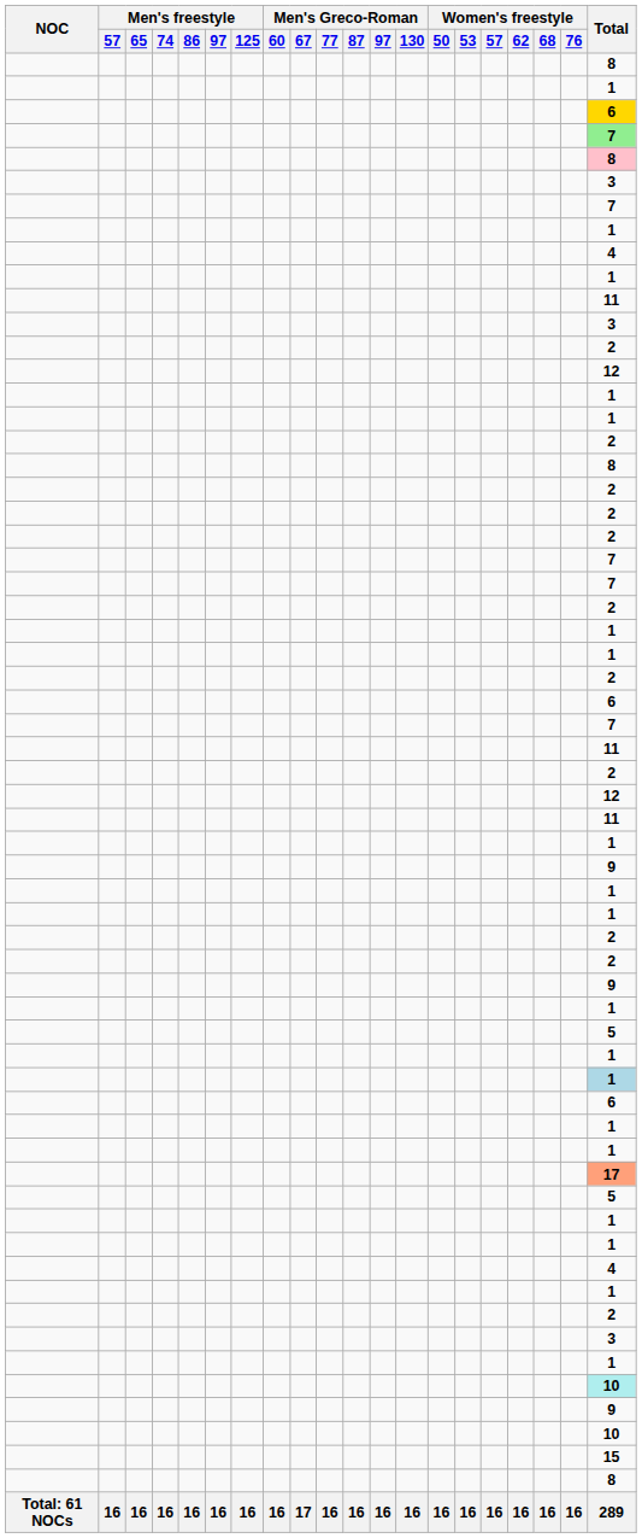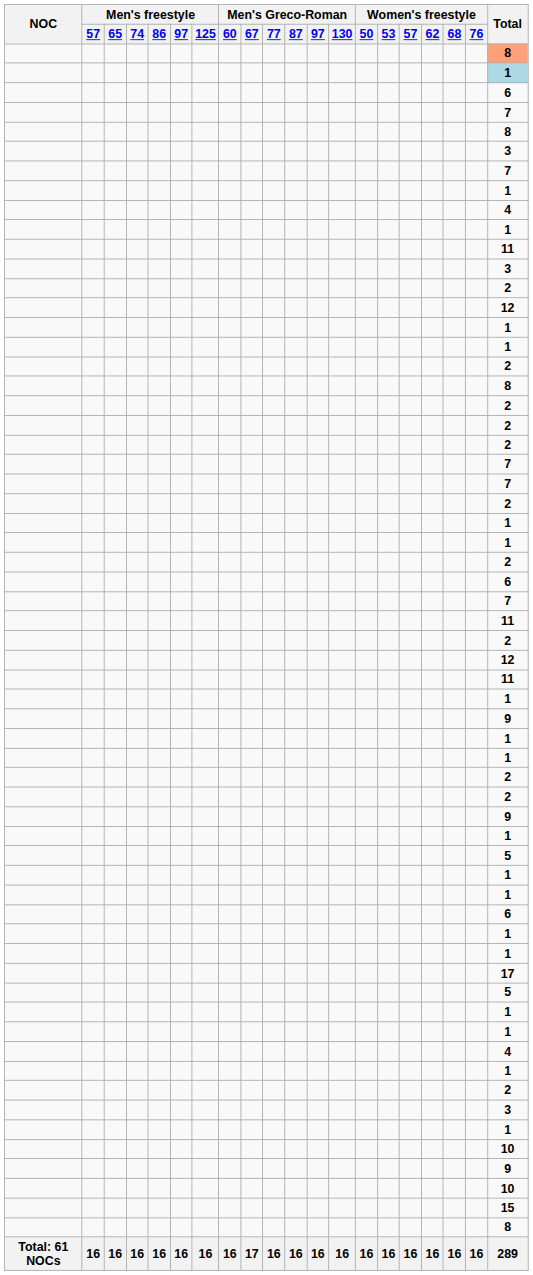 <table class="wikitable" style="text-align:center; font-size:90%">
 <tr>
 <th rowspan="2" width=180 style="text-align:center;">NOC</th>
 <th colspan="6">Men's freestyle</th>
 <th colspan="6">Men's Greco-Roman</th>
 <th colspan=6>Women's freestyle</th>
 <th ! width=55 rowspan="2">Total</th>
 </tr>
 <tr>
 <th width=25><a href='#'>57</a></th>
 <th width=25><a href='#'>65</a></th>
 <th width=25><a href='#'>74</a></th>
 <th width=25><a href='#'>86</a></th>
 <th width=25><a href='#'>97</a></th>
 <th width=25><a href='#'>125</a></th>
 <th width=25><a href='#'>60</a></th>
 <th width=25><a href='#'>67</a></th>
 <th width=25><a href='#'>77</a></th>
 <th width=25><a href='#'>87</a></th>
 <th width=25><a href='#'>97</a></th>
 <th width=25><a href='#'>130</a></th>
 <th width=25><a href='#'>50</a></th>
 <th width=25><a href='#'>53</a></th>
 <th width=25><a href='#'>57</a></th>
 <th width=25><a href='#'>62</a></th>
 <th width=25><a href='#'>68</a></th>
 <th width=25><a href='#'>76</a></th>
 </tr>
 <tr>
 <td align=left></td>
 <td></td>
 <td></td>
 <td></td>
 <td></td>
 <td></td>
 <td></td>
 <td></td>
 <td></td>
 <td></td>
 <td></td>
 <td></td>
 <td></td>
 <td></td>
 <td></td>
 <td></td>
 <td></td>
 <td></td>
 <td></td>
-<td><strong>8</strong></td>
+<td style="background: lightsalmon;"><strong>8</strong></td>
 </tr>
 <tr>
 <td align=left></td>
 <td></td>
 <td></td>
 <td></td>
 <td></td>
 <td></td>
 <td></td>
 <td></td>
 <td></td>
 <td></td>
 <td></td>
 <td></td>
 <td></td>
 <td></td>
 <td></td>
 <td></td>
 <td></td>
 <td></td>
 <td></td>
-<td><strong>1</strong></td>
+<td style="background: lightblue;"><strong>1</strong></td>
 </tr>
 <tr>
 <td align=left></td>
 <td></td>
 <td></td>
 <td></td>
 <td></td>
 <td></td>
 <td></td>
 <td></td>
 <td></td>
 <td></td>
 <td></td>
 <td></td>
 <td></td>
 <td></td>
 <td></td>
 <td></td>
 <td></td>
 <td></td>
 <td></td>
-<td style="background: gold;"><strong>6</strong></td>
+<td><strong>6</strong></td>
 </tr>
 <tr>
 <td align=left></td>
 <td></td>
 <td></td>
 <td></td>
 <td></td>
 <td></td>
 <td></td>
 <td></td>
 <td></td>
 <td></td>
 <td></td>
 <td></td>
 <td></td>
 <td></td>
 <td></td>
 <td></td>
 <td></td>
 <td></td>
 <td></td>
-<td style="background: lightgreen;"><strong>7</strong></td>
+<td><strong>7</strong></td>
 </tr>
 <tr>
 <td align=left></td>
 <td></td>
 <td></td>
 <td></td>
 <td></td>
 <td></td>
 <td></td>
 <td></td>
 <td></td>
 <td></td>
 <td></td>
 <td></td>
 <td></td>
 <td></td>
 <td></td>
 <td></td>
 <td></td>
 <td></td>
 <td></td>
-<td style="background: pink;"><strong>8</strong></td>
+<td><strong>8</strong></td>
 </tr>
 <tr>
 <td align=left></td>
 <td></td>
 <td></td>
 <td></td>
 <td></td>
 <td></td>
 <td></td>
 <td></td>
 <td></td>
 <td></td>
 <td></td>
 <td></td>
 <td></td>
 <td></td>
 <td></td>
 <td></td>
 <td></td>
 <td></td>
 <td></td>
 <td><strong>3</strong></td>
 </tr>
 <tr>
 <td align=left></td>
 <td></td>
 <td></td>
 <td></td>
 <td></td>
 <td></td>
 <td></td>
 <td></td>
 <td></td>
 <td></td>
 <td></td>
 <td></td>
 <td></td>
 <td></td>
 <td></td>
 <td></td>
 <td></td>
 <td></td>
 <td></td>
 <td><strong>7</strong></td>
 </tr>
 <tr>
 <td align=left></td>
 <td></td>
 <td></td>
 <td></td>
 <td></td>
 <td></td>
 <td></td>
 <td></td>
 <td></td>
 <td></td>
 <td></td>
 <td></td>
 <td></td>
 <td></td>
 <td></td>
 <td></td>
 <td></td>
 <td></td>
 <td></td>
 <td><strong>1</strong></td>
 </tr>
 <tr>
 <td align=left></td>
 <td></td>
 <td></td>
 <td></td>
 <td></td>
 <td></td>
 <td></td>
 <td></td>
 <td></td>
 <td></td>
 <td></td>
 <td></td>
 <td></td>
 <td></td>
 <td></td>
 <td></td>
 <td></td>
 <td></td>
 <td></td>
 <td><strong>4</strong></td>
 </tr>
 <tr>
 <td align=left></td>
 <td></td>
 <td></td>
 <td></td>
 <td></td>
 <td></td>
 <td></td>
 <td></td>
 <td></td>
 <td></td>
 <td></td>
 <td></td>
 <td></td>
 <td></td>
 <td></td>
 <td></td>
 <td></td>
 <td></td>
 <td></td>
 <td><strong>1</strong></td>
 </tr>
 <tr>
 <td align=left></td>
 <td></td>
 <td></td>
 <td></td>
 <td></td>
 <td></td>
 <td></td>
 <td></td>
 <td></td>
 <td></td>
 <td></td>
 <td></td>
 <td></td>
 <td></td>
 <td></td>
 <td></td>
 <td></td>
 <td></td>
 <td></td>
 <td><strong>11</strong></td>
 </tr>
 <tr>
 <td align=left></td>
 <td></td>
 <td></td>
 <td></td>
 <td></td>
 <td></td>
 <td></td>
 <td></td>
 <td></td>
 <td></td>
 <td></td>
 <td></td>
 <td></td>
 <td></td>
 <td></td>
 <td></td>
 <td></td>
 <td></td>
 <td></td>
 <td><strong>3</strong></td>
 </tr>
 <tr>
 <td align=left></td>
 <td></td>
 <td></td>
 <td></td>
 <td></td>
 <td></td>
 <td></td>
 <td></td>
 <td></td>
 <td></td>
 <td></td>
 <td></td>
 <td></td>
 <td></td>
 <td></td>
 <td></td>
 <td></td>
 <td></td>
 <td></td>
 <td><strong>2</strong></td>
 </tr>
 <tr>
 <td align=left></td>
 <td></td>
 <td></td>
 <td></td>
 <td></td>
 <td></td>
 <td></td>
 <td></td>
 <td></td>
 <td></td>
 <td></td>
 <td></td>
 <td></td>
 <td></td>
 <td></td>
 <td></td>
 <td></td>
 <td></td>
 <td></td>
 <td><strong>12</strong></td>
 </tr>
 <tr>
 <td align=left></td>
 <td></td>
 <td></td>
 <td></td>
 <td></td>
 <td></td>
 <td></td>
 <td></td>
 <td></td>
 <td></td>
 <td></td>
 <td></td>
 <td></td>
 <td></td>
 <td></td>
 <td></td>
 <td></td>
 <td></td>
 <td></td>
 <td><strong>1</strong></td>
 </tr>
 <tr>
 <td align=left></td>
 <td></td>
 <td></td>
 <td></td>
 <td></td>
 <td></td>
 <td></td>
 <td></td>
 <td></td>
 <td></td>
 <td></td>
 <td></td>
 <td></td>
 <td></td>
 <td></td>
 <td></td>
 <td></td>
 <td></td>
 <td></td>
 <td><strong>1</strong></td>
 </tr>
 <tr>
 <td align=left></td>
 <td></td>
 <td></td>
 <td></td>
 <td></td>
 <td></td>
 <td></td>
 <td></td>
 <td></td>
 <td></td>
 <td></td>
 <td></td>
 <td></td>
 <td></td>
 <td></td>
 <td></td>
 <td></td>
 <td></td>
 <td></td>
 <td><strong>2</strong></td>
 </tr>
 <tr>
 <td align=left></td>
 <td></td>
 <td></td>
 <td></td>
 <td></td>
 <td></td>
 <td></td>
 <td></td>
 <td></td>
 <td></td>
 <td></td>
 <td></td>
 <td></td>
 <td></td>
 <td></td>
 <td></td>
 <td></td>
 <td></td>
 <td></td>
 <td><strong>8</strong></td>
 </tr>
 <tr>
 <td align=left></td>
 <td></td>
 <td></td>
 <td></td>
 <td></td>
 <td></td>
 <td></td>
 <td></td>
 <td></td>
 <td></td>
 <td></td>
 <td></td>
 <td></td>
 <td></td>
 <td></td>
 <td></td>
 <td></td>
 <td></td>
 <td></td>
 <td><strong>2</strong></td>
 </tr>
 <tr>
 <td align=left></td>
 <td></td>
 <td></td>
 <td></td>
 <td></td>
 <td></td>
 <td></td>
 <td></td>
 <td></td>
 <td></td>
 <td></td>
 <td></td>
 <td></td>
 <td></td>
 <td></td>
 <td></td>
 <td></td>
 <td></td>
 <td></td>
 <td><strong>2</strong></td>
 </tr>
 <tr>
 <td align=left></td>
 <td></td>
 <td></td>
 <td></td>
 <td></td>
 <td></td>
 <td></td>
 <td></td>
 <td></td>
 <td></td>
 <td></td>
 <td></td>
 <td></td>
 <td></td>
 <td></td>
 <td></td>
 <td></td>
 <td></td>
 <td></td>
 <td><strong>2</strong></td>
 </tr>
 <tr>
 <td align=left></td>
 <td></td>
 <td></td>
 <td></td>
 <td></td>
 <td></td>
 <td></td>
 <td></td>
 <td></td>
 <td></td>
 <td></td>
 <td></td>
 <td></td>
 <td></td>
 <td></td>
 <td></td>
 <td></td>
 <td></td>
 <td></td>
 <td><strong>7</strong></td>
 </tr>
 <tr>
 <td align=left></td>
 <td></td>
 <td></td>
 <td></td>
 <td></td>
 <td></td>
 <td></td>
 <td></td>
 <td></td>
 <td></td>
 <td></td>
 <td></td>
 <td></td>
 <td></td>
 <td></td>
 <td></td>
 <td></td>
 <td></td>
 <td></td>
 <td><strong>7</strong></td>
 </tr>
 <tr>
 <td align=left></td>
 <td></td>
 <td></td>
 <td></td>
 <td></td>
 <td></td>
 <td></td>
 <td></td>
 <td></td>
 <td></td>
 <td></td>
 <td></td>
 <td></td>
 <td></td>
 <td></td>
 <td></td>
 <td></td>
 <td></td>
 <td></td>
 <td><strong>2</strong></td>
 </tr>
 <tr>
 <td align=left></td>
 <td></td>
 <td></td>
 <td></td>
 <td></td>
 <td></td>
 <td></td>
 <td></td>
 <td></td>
 <td></td>
 <td></td>
 <td></td>
 <td></td>
 <td></td>
 <td></td>
 <td></td>
 <td></td>
 <td></td>
 <td></td>
 <td><strong>1</strong></td>
 </tr>
 <tr>
 <td align=left></td>
 <td></td>
 <td></td>
 <td></td>
 <td></td>
 <td></td>
 <td></td>
 <td></td>
 <td></td>
 <td></td>
 <td></td>
 <td></td>
 <td></td>
 <td></td>
 <td></td>
 <td></td>
 <td></td>
 <td></td>
 <td></td>
 <td><strong>1</strong></td>
 </tr>
 <tr>
 <td align=left></td>
 <td></td>
 <td></td>
 <td></td>
 <td></td>
 <td></td>
 <td></td>
 <td></td>
 <td></td>
 <td></td>
 <td></td>
 <td></td>
 <td></td>
 <td></td>
 <td></td>
 <td></td>
 <td></td>
 <td></td>
 <td></td>
 <td><strong>2</strong></td>
 </tr>
 <tr>
 <td align=left></td>
 <td></td>
 <td></td>
 <td></td>
 <td></td>
 <td></td>
 <td></td>
 <td></td>
 <td></td>
 <td></td>
 <td></td>
 <td></td>
 <td></td>
 <td></td>
 <td></td>
 <td></td>
 <td></td>
 <td></td>
 <td></td>
 <td><strong>6</strong></td>
 </tr>
 <tr>
 <td align=left></td>
 <td></td>
 <td></td>
 <td></td>
 <td></td>
 <td></td>
 <td></td>
 <td></td>
 <td></td>
 <td></td>
 <td></td>
 <td></td>
 <td></td>
 <td></td>
 <td></td>
 <td></td>
 <td></td>
 <td></td>
 <td></td>
 <td><strong>7</strong></td>
 </tr>
 <tr>
 <td align=left></td>
 <td></td>
 <td></td>
 <td></td>
 <td></td>
 <td></td>
 <td></td>
 <td></td>
 <td></td>
 <td></td>
 <td></td>
 <td></td>
 <td></td>
 <td></td>
 <td></td>
 <td></td>
 <td></td>
 <td></td>
 <td></td>
 <td><strong>11</strong></td>
 </tr>
 <tr>
 <td align=left></td>
 <td></td>
 <td></td>
 <td></td>
 <td></td>
 <td></td>
 <td></td>
 <td></td>
 <td></td>
 <td></td>
 <td></td>
 <td></td>
 <td></td>
 <td></td>
 <td></td>
 <td></td>
 <td></td>
 <td></td>
 <td></td>
 <td><strong>2</strong></td>
 </tr>
 <tr>
 <td align=left></td>
 <td></td>
 <td></td>
 <td></td>
 <td></td>
 <td></td>
 <td></td>
 <td></td>
 <td></td>
 <td></td>
 <td></td>
 <td></td>
 <td></td>
 <td></td>
 <td></td>
 <td></td>
 <td></td>
 <td></td>
 <td></td>
 <td><strong>12</strong></td>
 </tr>
 <tr>
 <td align=left></td>
 <td></td>
 <td></td>
 <td></td>
 <td></td>
 <td></td>
 <td></td>
 <td></td>
 <td></td>
 <td></td>
 <td></td>
 <td></td>
 <td></td>
 <td></td>
 <td></td>
 <td></td>
 <td></td>
 <td></td>
 <td></td>
 <td><strong>11</strong></td>
 </tr>
 <tr>
 <td align=left></td>
 <td></td>
 <td></td>
 <td></td>
 <td></td>
 <td></td>
 <td></td>
 <td></td>
 <td></td>
 <td></td>
 <td></td>
 <td></td>
 <td></td>
 <td></td>
 <td></td>
 <td></td>
 <td></td>
 <td></td>
 <td></td>
 <td><strong>1</strong></td>
 </tr>
 <tr>
 <td align=left></td>
 <td></td>
 <td></td>
 <td></td>
 <td></td>
 <td></td>
 <td></td>
 <td></td>
 <td></td>
 <td></td>
 <td></td>
 <td></td>
 <td></td>
 <td></td>
 <td></td>
 <td></td>
 <td></td>
 <td></td>
 <td></td>
 <td><strong>9</strong></td>
 </tr>
 <tr>
 <td align=left></td>
 <td></td>
 <td></td>
 <td></td>
 <td></td>
 <td></td>
 <td></td>
 <td></td>
 <td></td>
 <td></td>
 <td></td>
 <td></td>
 <td></td>
 <td></td>
 <td></td>
 <td></td>
 <td></td>
 <td></td>
 <td></td>
 <td><strong>1</strong></td>
 </tr>
 <tr>
 <td align=left></td>
 <td></td>
 <td></td>
 <td></td>
 <td></td>
 <td></td>
 <td></td>
 <td></td>
 <td></td>
 <td></td>
 <td></td>
 <td></td>
 <td></td>
 <td></td>
 <td></td>
 <td></td>
 <td></td>
 <td></td>
 <td></td>
 <td><strong>1</strong></td>
 </tr>
 <tr>
 <td align=left></td>
 <td></td>
 <td></td>
 <td></td>
 <td></td>
 <td></td>
 <td></td>
 <td></td>
 <td></td>
 <td></td>
 <td></td>
 <td></td>
 <td></td>
 <td></td>
 <td></td>
 <td></td>
 <td></td>
 <td></td>
 <td></td>
 <td><strong>2</strong></td>
 </tr>
 <tr>
 <td align=left></td>
 <td></td>
 <td></td>
 <td></td>
 <td></td>
 <td></td>
 <td></td>
 <td></td>
 <td></td>
 <td></td>
 <td></td>
 <td></td>
 <td></td>
 <td></td>
 <td></td>
 <td></td>
 <td></td>
 <td></td>
 <td></td>
 <td><strong>2</strong></td>
 </tr>
 <tr>
 <td align=left></td>
 <td></td>
 <td></td>
 <td></td>
 <td></td>
 <td></td>
 <td></td>
 <td></td>
 <td></td>
 <td></td>
 <td></td>
 <td></td>
 <td></td>
 <td></td>
 <td></td>
 <td></td>
 <td></td>
 <td></td>
 <td></td>
 <td><strong>9</strong></td>
 </tr>
 <tr>
 <td align=left></td>
 <td></td>
 <td></td>
 <td></td>
 <td></td>
 <td></td>
 <td></td>
 <td></td>
 <td></td>
 <td></td>
 <td></td>
 <td></td>
 <td></td>
 <td></td>
 <td></td>
 <td></td>
 <td></td>
 <td></td>
 <td></td>
 <td><strong>1</strong></td>
 </tr>
 <tr>
 <td align=left></td>
 <td></td>
 <td></td>
 <td></td>
 <td></td>
 <td></td>
 <td></td>
 <td></td>
 <td></td>
 <td></td>
 <td></td>
 <td></td>
 <td></td>
 <td></td>
 <td></td>
 <td></td>
 <td></td>
 <td></td>
 <td></td>
 <td><strong>5</strong></td>
 </tr>
 <tr>
 <td align=left></td>
 <td></td>
 <td></td>
 <td></td>
 <td></td>
 <td></td>
 <td></td>
 <td></td>
 <td></td>
 <td></td>
 <td></td>
 <td></td>
 <td></td>
 <td></td>
 <td></td>
 <td></td>
 <td></td>
 <td></td>
 <td></td>
 <td><strong>1</strong></td>
 </tr>
 <tr>
 <td align=left></td>
 <td></td>
 <td></td>
 <td></td>
 <td></td>
 <td></td>
 <td></td>
 <td></td>
 <td></td>
 <td></td>
 <td></td>
 <td></td>
 <td></td>
 <td></td>
 <td></td>
 <td></td>
 <td></td>
 <td></td>
 <td></td>
-<td style="background: lightblue;"><strong>1</strong></td>
+<td><strong>1</strong></td>
 </tr>
 <tr>
 <td align=left></td>
 <td></td>
 <td></td>
 <td></td>
 <td></td>
 <td></td>
 <td></td>
 <td></td>
 <td></td>
 <td></td>
 <td></td>
 <td></td>
 <td></td>
 <td></td>
 <td></td>
 <td></td>
 <td></td>
 <td></td>
 <td></td>
 <td><strong>6</strong></td>
 </tr>
 <tr>
 <td align=left></td>
 <td></td>
 <td></td>
 <td></td>
 <td></td>
 <td></td>
 <td></td>
 <td></td>
 <td></td>
 <td></td>
 <td></td>
 <td></td>
 <td></td>
 <td></td>
 <td></td>
 <td></td>
 <td></td>
 <td></td>
 <td></td>
 <td><strong>1</strong></td>
 </tr>
 <tr>
 <td align=left></td>
 <td></td>
 <td></td>
 <td></td>
 <td></td>
 <td></td>
 <td></td>
 <td></td>
 <td></td>
 <td></td>
 <td></td>
 <td></td>
 <td></td>
 <td></td>
 <td></td>
 <td></td>
 <td></td>
 <td></td>
 <td></td>
 <td><strong>1</strong></td>
 </tr>
 <tr>
 <td align=left></td>
 <td></td>
 <td></td>
 <td></td>
 <td></td>
 <td></td>
 <td></td>
 <td></td>
 <td></td>
 <td></td>
 <td></td>
 <td></td>
 <td></td>
 <td></td>
 <td></td>
 <td></td>
 <td></td>
 <td></td>
 <td></td>
-<td style="background: lightsalmon;"><strong>17</strong></td>
+<td><strong>17</strong></td>
 </tr>
 <tr>
 <td align=left></td>
 <td></td>
 <td></td>
 <td></td>
 <td></td>
 <td></td>
 <td></td>
 <td></td>
 <td></td>
 <td></td>
 <td></td>
 <td></td>
 <td></td>
 <td></td>
 <td></td>
 <td></td>
 <td></td>
 <td></td>
 <td></td>
 <td><strong>5</strong></td>
 </tr>
 <tr>
 <td align=left></td>
 <td></td>
 <td></td>
 <td></td>
 <td></td>
 <td></td>
 <td></td>
 <td></td>
 <td></td>
 <td></td>
 <td></td>
 <td></td>
 <td></td>
 <td></td>
 <td></td>
 <td></td>
 <td></td>
 <td></td>
 <td></td>
 <td><strong>1</strong></td>
 </tr>
 <tr>
 <td align=left></td>
 <td></td>
 <td></td>
 <td></td>
 <td></td>
 <td></td>
 <td></td>
 <td></td>
 <td></td>
 <td></td>
 <td></td>
 <td></td>
 <td></td>
 <td></td>
 <td></td>
 <td></td>
 <td></td>
 <td></td>
 <td></td>
 <td><strong>1</strong></td>
 </tr>
 <tr>
 <td align=left></td>
 <td></td>
 <td></td>
 <td></td>
 <td></td>
 <td></td>
 <td></td>
 <td></td>
 <td></td>
 <td></td>
 <td></td>
 <td></td>
 <td></td>
 <td></td>
 <td></td>
 <td></td>
 <td></td>
 <td></td>
 <td></td>
 <td><strong>4</strong></td>
 </tr>
 <tr>
 <td align=left></td>
 <td></td>
 <td></td>
 <td></td>
 <td></td>
 <td></td>
 <td></td>
 <td></td>
 <td></td>
 <td></td>
 <td></td>
 <td></td>
 <td></td>
 <td></td>
 <td></td>
 <td></td>
 <td></td>
 <td></td>
 <td></td>
 <td><strong>1</strong></td>
 </tr>
 <tr>
 <td align=left></td>
 <td></td>
 <td></td>
 <td></td>
 <td></td>
 <td></td>
 <td></td>
 <td></td>
 <td></td>
 <td></td>
 <td></td>
 <td></td>
 <td></td>
 <td></td>
 <td></td>
 <td></td>
 <td></td>
 <td></td>
 <td></td>
 <td><strong>2</strong></td>
 </tr>
 <tr>
 <td align=left></td>
 <td></td>
 <td></td>
 <td></td>
 <td></td>
 <td></td>
 <td></td>
 <td></td>
 <td></td>
 <td></td>
 <td></td>
 <td></td>
 <td></td>
 <td></td>
 <td></td>
 <td></td>
 <td></td>
 <td></td>
 <td></td>
 <td><strong>3</strong></td>
 </tr>
 <tr>
 <td align=left></td>
 <td></td>
 <td></td>
 <td></td>
 <td></td>
 <td></td>
 <td></td>
 <td></td>
 <td></td>
 <td></td>
 <td></td>
 <td></td>
 <td></td>
 <td></td>
 <td></td>
 <td></td>
 <td></td>
 <td></td>
 <td></td>
 <td><strong>1</strong></td>
 </tr>
 <tr>
 <td align=left></td>
 <td></td>
 <td></td>
 <td></td>
 <td></td>
 <td></td>
 <td></td>
 <td></td>
 <td></td>
 <td></td>
 <td></td>
 <td></td>
 <td></td>
 <td></td>
 <td></td>
 <td></td>
 <td></td>
 <td></td>
 <td></td>
-<td style="background: paleturquoise;"><strong>10</strong></td>
+<td><strong>10</strong></td>
 </tr>
 <tr>
 <td align=left></td>
 <td></td>
 <td></td>
 <td></td>
 <td></td>
 <td></td>
 <td></td>
 <td></td>
 <td></td>
 <td></td>
 <td></td>
 <td></td>
 <td></td>
 <td></td>
 <td></td>
 <td></td>
 <td></td>
 <td></td>
 <td></td>
 <td><strong>9</strong></td>
 </tr>
 <tr>
 <td align=left></td>
 <td></td>
 <td></td>
 <td></td>
 <td></td>
 <td></td>
 <td></td>
 <td></td>
 <td></td>
 <td></td>
 <td></td>
 <td></td>
 <td></td>
 <td></td>
 <td></td>
 <td></td>
 <td></td>
 <td></td>
 <td></td>
 <td><strong>10</strong></td>
 </tr>
 <tr>
 <td align=left></td>
 <td></td>
 <td></td>
 <td></td>
 <td></td>
 <td></td>
 <td></td>
 <td></td>
 <td></td>
 <td></td>
 <td></td>
 <td></td>
 <td></td>
 <td></td>
 <td></td>
 <td></td>
 <td></td>
 <td></td>
 <td></td>
 <td><strong>15</strong></td>
 </tr>
 <tr>
 <td align=left></td>
 <td></td>
 <td></td>
 <td></td>
 <td></td>
 <td></td>
 <td></td>
 <td></td>
 <td></td>
 <td></td>
 <td></td>
 <td></td>
 <td></td>
 <td></td>
 <td></td>
 <td></td>
 <td></td>
 <td></td>
 <td></td>
 <td><strong>8</strong></td>
 </tr>
 <tr>
 <th>Total: 61 NOCs</th>
 <th>16</th>
 <th>16</th>
 <th>16</th>
 <th>16</th>
 <th>16</th>
 <th>16</th>
 <th>16</th>
 <th>17</th>
 <th>16</th>
 <th>16</th>
 <th>16</th>
 <th>16</th>
 <th>16</th>
 <th>16</th>
 <th>16</th>
 <th>16</th>
 <th>16</th>
 <th>16</th>
 <th>289</th>
 </tr>
 </table>
